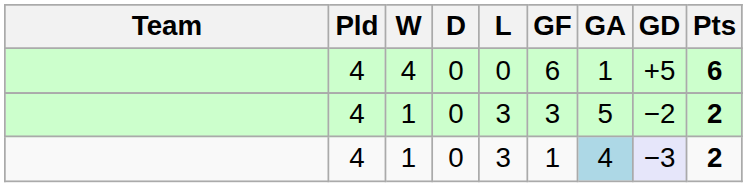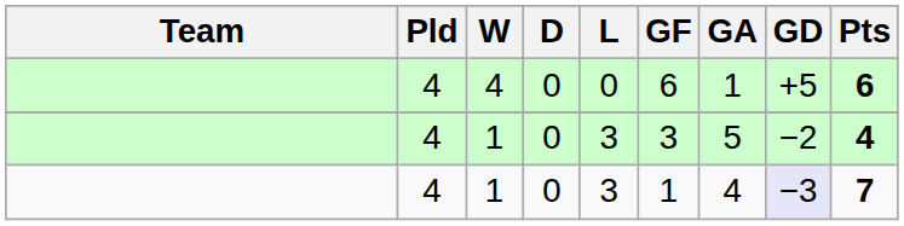 <table class="wikitable" style="text-align:center;">
 <tr>
 <th width=180>Team</th>
 <th width=20>Pld</th>
 <th width=20>W</th>
 <th width=20>D</th>
 <th width=20>L</th>
 <th width=20>GF</th>
 <th width=20>GA</th>
 <th width=20>GD</th>
 <th width=20>Pts</th>
 </tr>
 <tr bgcolor="ccffcc">
 <td align="left"></td>
 <td>4</td>
 <td>4</td>
 <td>0</td>
 <td>0</td>
 <td>6</td>
 <td>1</td>
 <td>+5</td>
 <td><strong>6</strong></td>
 </tr>
 <tr>
 </tr>
 <tr bgcolor="ccffcc">
 <td align="left"></td>
 <td>4</td>
 <td>1</td>
 <td>0</td>
 <td>3</td>
 <td>3</td>
 <td>5</td>
 <td>−2</td>
-<td><strong>2</strong></td>
+<td><strong>4</strong></td>
 </tr>
 <tr>
 <td align="left"></td>
 <td>4</td>
 <td>1</td>
 <td>0</td>
 <td>3</td>
 <td>1</td>
-<td style="background: lightblue;">4</td>
+<td>4</td>
 <td style="background: lavender;">−3</td>
-<td><strong>2</strong></td>
+<td><strong>7</strong></td>
 </tr>
 </table>
